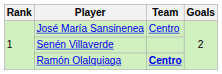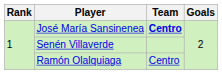 <table class="wikitable">
 <tr>
 <th>Rank</th>
 <th>Player</th>
 <th>Team</th>
 <th>Goals</th>
 </tr>
 <tr bgcolor="D0F0C0">
 <td rowspan=3>1</td>
 <td><a href='#'>José María Sansinenea</a></td>
-<td> <a href='#'>Centro</a></td>
+<td><strong> <a href='#'>Centro</a></strong></td>
 <td rowspan=3 align="center">2</td>
 </tr>
 <tr bgcolor="D0F0C0">
 <td><a href='#'>Senén Villaverde</a></td>
 <td></td>
 </tr>
 <tr bgcolor="D0F0C0">
 <td><a href='#'>Ramón Olalquiaga</a></td>
-<td><strong> <a href='#'>Centro</a></strong></td>
+<td> <a href='#'>Centro</a></td>
 </tr>
 </table>
